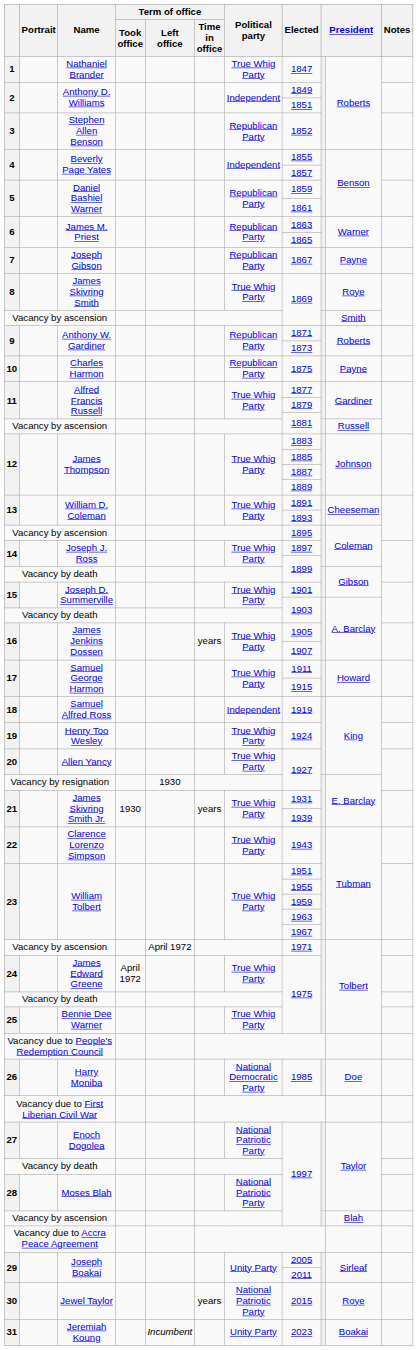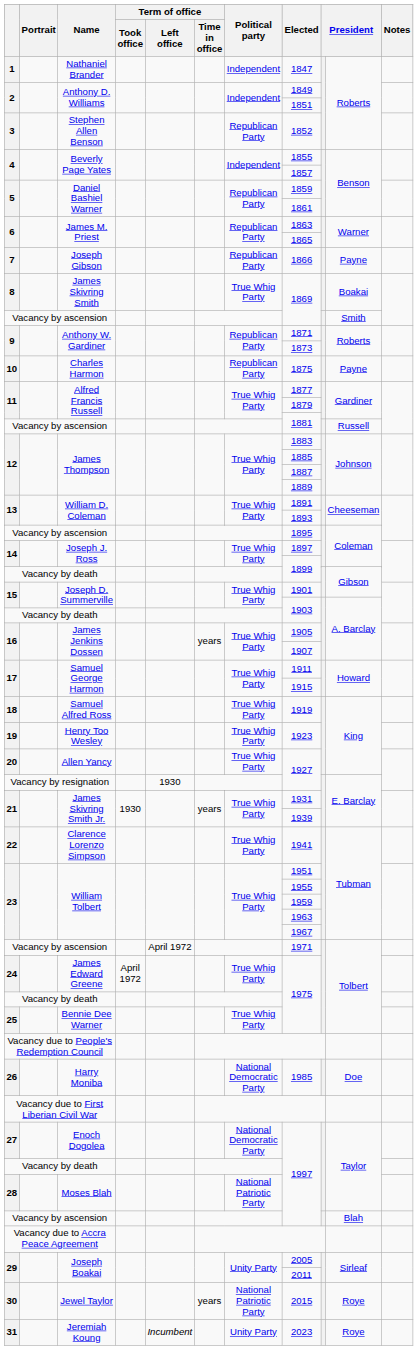 <table class="wikitable" style="text-align:center">
 <tr style="background:#B5B5B5">
 <th rowspan="2"></th>
 <th rowspan="2">Portrait</th>
 <th rowspan="2">Name<br></th>
 <th colspan="3">Term of office</th>
 <th rowspan="2">Political party</th>
 <th rowspan="2">Elected</th>
 <th colspan="2" rowspan="2"><a href='#'>President</a></th>
 <th rowspan="2">Notes</th>
 </tr>
 <tr>
 <th>Took office</th>
 <th>Left office</th>
 <th>Time in office</th>
 </tr>
 <tr>
 <th style="background:">1</th>
 <td></td>
 <td><a href='#'>Nathaniel Brander</a><br></td>
 <td></td>
 <td></td>
 <td></td>
-<td><a href='#'>True Whig Party</a></td>
+<td><a href='#'>Independent</a></td>
 <td><a href='#'>1847</a></td>
 <th rowspan="4" style="background:"></th>
 <td rowspan="4"><a href='#'>Roberts</a></td>
 <td></td>
 </tr>
 <tr>
 <th rowspan="2" style="background:">2</th>
 <td rowspan="2"></td>
 <td rowspan="2"><a href='#'>Anthony D. Williams</a><br></td>
 <td rowspan="2"></td>
 <td rowspan="2"></td>
 <td rowspan="2"></td>
 <td rowspan="2"><a href='#'>Independent</a></td>
 <td><a href='#'>1849</a></td>
 <td rowspan="2"></td>
 </tr>
 <tr>
 <td><a href='#'>1851</a></td>
 </tr>
 <tr>
 <th style="background:">3</th>
 <td></td>
 <td><a href='#'>Stephen Allen Benson</a><br></td>
 <td></td>
 <td></td>
 <td></td>
 <td><a href='#'>Republican Party</a></td>
 <td><a href='#'>1852</a></td>
 <td></td>
 </tr>
 <tr>
 <th rowspan="2" style="background:">4</th>
 <td rowspan="2"></td>
 <td rowspan="2"><a href='#'>Beverly Page Yates</a><br></td>
 <td rowspan="2"></td>
 <td rowspan="2"></td>
 <td rowspan="2"></td>
 <td rowspan="2"><a href='#'>Independent</a></td>
 <td><a href='#'>1855</a></td>
 <th rowspan="4" style="background:"></th>
 <td rowspan="4"><a href='#'>Benson</a></td>
 <td rowspan="2"></td>
 </tr>
 <tr>
 <td><a href='#'>1857</a></td>
 </tr>
 <tr>
 <th rowspan="2" style="background:">5</th>
 <td rowspan="2"></td>
 <td rowspan="2"><a href='#'>Daniel Bashiel Warner</a><br></td>
 <td rowspan="2"></td>
 <td rowspan="2"></td>
 <td rowspan="2"></td>
 <td rowspan="2"><a href='#'>Republican Party</a></td>
 <td><a href='#'>1859</a></td>
 <td rowspan="2"></td>
 </tr>
 <tr>
 <td><a href='#'>1861</a></td>
 </tr>
 <tr>
 <th rowspan="2" style="background:">6</th>
 <td rowspan="2"></td>
 <td rowspan="2"><a href='#'>James M. Priest</a><br></td>
 <td rowspan="2"></td>
 <td rowspan="2"></td>
 <td rowspan="2"></td>
 <td rowspan="2"><a href='#'>Republican Party</a></td>
 <td><a href='#'>1863</a></td>
 <th rowspan="2" style="background:"></th>
 <td rowspan="2"><a href='#'>Warner</a></td>
 <td rowspan="2"></td>
 </tr>
 <tr>
 <td><a href='#'>1865</a></td>
 </tr>
 <tr>
 <th style="background:">7</th>
 <td></td>
 <td><a href='#'>Joseph Gibson</a><br></td>
 <td></td>
 <td></td>
 <td></td>
 <td><a href='#'>Republican Party</a></td>
-<td><a href='#'>1867</a></td>
+<td><a href='#'>1866</a></td>
 <th style="background:"></th>
 <td><a href='#'>Payne</a></td>
 <td></td>
 </tr>
 <tr>
 <th style="background:">8</th>
 <td></td>
 <td><a href='#'>James Skivring Smith</a><br></td>
 <td></td>
 <td><br></td>
 <td></td>
 <td><a href='#'>True Whig Party</a></td>
 <td rowspan="2"><a href='#'>1869</a></td>
 <th style="background:"></th>
-<td><a href='#'>Roye</a></td>
+<td><a href='#'>Boakai</a></td>
 <td rowspan="2"></td>
 </tr>
 <tr>
 <td colspan="3">Vacancy by ascension</td>
 <td></td>
 <td></td>
 <td colspan="2"></td>
 <th style="background:"></th>
 <td><a href='#'>Smith</a></td>
 </tr>
 <tr>
 <th rowspan="2" style="background:">9</th>
 <td rowspan="2"></td>
 <td rowspan="2"><a href='#'>Anthony W. Gardiner</a><br></td>
 <td rowspan="2"></td>
 <td rowspan="2"></td>
 <td rowspan="2"></td>
 <td rowspan="2"><a href='#'>Republican Party</a></td>
 <td><a href='#'>1871</a></td>
 <th rowspan="2" style="background:"></th>
 <td rowspan="2"><a href='#'>Roberts</a></td>
 <td rowspan="2"></td>
 </tr>
 <tr>
 <td><a href='#'>1873</a></td>
 </tr>
 <tr>
 <th style="background:">10</th>
 <td></td>
 <td><a href='#'>Charles Harmon</a><br></td>
 <td></td>
 <td></td>
 <td></td>
 <td><a href='#'>Republican Party</a></td>
 <td><a href='#'>1875</a></td>
 <th style="background:"></th>
 <td><a href='#'>Payne</a></td>
 <td></td>
 </tr>
 <tr>
 <th rowspan="3" style="background:">11</th>
 <td rowspan="3"></td>
 <td rowspan="3"><a href='#'>Alfred Francis Russell</a><br></td>
 <td rowspan="3"></td>
 <td rowspan="3"><br></td>
 <td rowspan="3"></td>
 <td rowspan="3"><a href='#'>True Whig Party</a></td>
 <td><a href='#'>1877</a></td>
 <th rowspan="3" style="background:"></th>
 <td rowspan="3"><a href='#'>Gardiner</a></td>
 <td rowspan="4"></td>
 </tr>
 <tr>
 <td><a href='#'>1879</a></td>
 </tr>
 <tr>
 <td rowspan="2"><a href='#'>1881</a></td>
 </tr>
 <tr>
 <td colspan="3">Vacancy by ascension</td>
 <td></td>
 <td></td>
 <td colspan="2"></td>
 <th style="background:"></th>
 <td><a href='#'>Russell</a></td>
 </tr>
 <tr>
 <th rowspan="4" style="background:">12</th>
 <td rowspan="4"></td>
 <td rowspan="4"><a href='#'>James Thompson</a><br></td>
 <td rowspan="4"></td>
 <td rowspan="4"></td>
 <td rowspan="4"></td>
 <td rowspan="4"><a href='#'>True Whig Party</a></td>
 <td><a href='#'>1883</a></td>
 <th rowspan="4" style="background:"></th>
 <td rowspan="4"><a href='#'>Johnson</a></td>
 <td rowspan="4"></td>
 </tr>
 <tr>
 <td><a href='#'>1885</a></td>
 </tr>
 <tr>
 <td><a href='#'>1887</a></td>
 </tr>
 <tr>
 <td><a href='#'>1889</a></td>
 </tr>
 <tr>
 <th rowspan="3" style="background:">13</th>
 <td rowspan="3"></td>
 <td rowspan="3"><a href='#'>William D. Coleman</a><br></td>
 <td rowspan="3"></td>
 <td rowspan="3"><br></td>
 <td rowspan="3"></td>
 <td rowspan="3"><a href='#'>True Whig Party</a></td>
 <td><a href='#'>1891</a></td>
 <th rowspan="3" style="background:"></th>
 <td rowspan="3"><a href='#'>Cheeseman</a></td>
 <td rowspan="4"></td>
 </tr>
 <tr>
 <td><a href='#'>1893</a></td>
 </tr>
 <tr>
 <td rowspan="2"><a href='#'>1895</a></td>
 </tr>
 <tr>
 <td colspan="3">Vacancy by ascension</td>
 <td></td>
 <td></td>
 <td colspan="2"></td>
 <th rowspan="4" style="background:"></th>
 <td rowspan="4"><a href='#'>Coleman</a></td>
 </tr>
 <tr>
 <th rowspan="2" style="background:">14</th>
 <td rowspan="2"></td>
 <td rowspan="2"><a href='#'>Joseph J. Ross</a><br></td>
 <td rowspan="2"></td>
 <td rowspan="2"></td>
 <td rowspan="2"></td>
 <td rowspan="2"><a href='#'>True Whig Party</a></td>
 <td><a href='#'>1897</a></td>
 <td rowspan="4"></td>
 </tr>
 <tr>
 <td rowspan="3"><a href='#'>1899</a></td>
 </tr>
 <tr>
 <td rowspan="2" colspan="3">Vacancy by death</td>
 <td rowspan="2"></td>
 <td rowspan="2"></td>
 <td rowspan="2" colspan="2"></td>
 </tr>
 <tr>
 <th rowspan="2" style="background:"></th>
 <td rowspan="2"><a href='#'>Gibson</a></td>
 </tr>
 <tr>
 <th rowspan="2" style="background:">15</th>
 <td rowspan="2"></td>
 <td rowspan="2"><a href='#'>Joseph D. Summerville</a><br></td>
 <td rowspan="2"></td>
 <td rowspan="2"></td>
 <td rowspan="2"></td>
 <td rowspan="2"><a href='#'>True Whig Party</a></td>
 <td><a href='#'>1901</a></td>
 <td rowspan="3"></td>
 </tr>
 <tr>
 <td rowspan="2"><a href='#'>1903</a></td>
 <th rowspan="4" style="background:"></th>
 <td rowspan="4"><a href='#'>A. Barclay</a></td>
 </tr>
 <tr>
 <td colspan="3">Vacancy by death</td>
 <td></td>
 <td></td>
 <td colspan="2"></td>
 </tr>
 <tr>
 <th rowspan="2" style="background:">16</th>
 <td rowspan="2"></td>
 <td rowspan="2"><a href='#'>James Jenkins Dossen</a><br></td>
 <td rowspan="2"></td>
 <td rowspan="2"></td>
 <td rowspan="2"> years</td>
 <td rowspan="2"><a href='#'>True Whig Party</a></td>
 <td><a href='#'>1905</a></td>
 <td rowspan="2"></td>
 </tr>
 <tr>
 <td><a href='#'>1907</a></td>
 </tr>
 <tr>
 <th rowspan="2" style="background:">17</th>
 <td rowspan="2"></td>
 <td rowspan="2"><a href='#'>Samuel George Harmon</a><br></td>
 <td rowspan="2"></td>
 <td rowspan="2"></td>
 <td rowspan="2"></td>
 <td rowspan="2"><a href='#'>True Whig Party</a></td>
 <td><a href='#'>1911</a></td>
 <th rowspan="2" style="background:"></th>
 <td rowspan="2"><a href='#'>Howard</a></td>
 <td rowspan="2"></td>
 </tr>
 <tr>
 <td><a href='#'>1915</a></td>
 </tr>
 <tr>
 <th style="background:">18</th>
 <td></td>
 <td><a href='#'>Samuel Alfred Ross</a><br></td>
 <td></td>
 <td></td>
 <td></td>
-<td><a href='#'>Independent</a></td>
+<td><a href='#'>True Whig Party</a></td>
 <td><a href='#'>1919</a></td>
 <th rowspan="3" style="background:"></th>
 <td rowspan="3"><a href='#'>King</a></td>
 <td></td>
 </tr>
 <tr>
 <th style="background:">19</th>
 <td></td>
 <td><a href='#'>Henry Too Wesley</a><br></td>
 <td></td>
 <td></td>
 <td></td>
 <td><a href='#'>True Whig Party</a></td>
-<td><a href='#'>1924</a></td>
+<td><a href='#'>1923</a></td>
 <td></td>
 </tr>
 <tr>
 <th style="background:">20</th>
 <td></td>
 <td><a href='#'>Allen Yancy</a><br></td>
 <td></td>
 <td><br></td>
 <td></td>
 <td><a href='#'>True Whig Party</a></td>
 <td rowspan="3"><a href='#'>1927</a></td>
 <td rowspan="2"></td>
 </tr>
 <tr>
 <td colspan="3">Vacancy by resignation</td>
 <td></td>
 <td>1930</td>
 <td colspan="2"></td>
 <th rowspan="4" style="background:"></th>
 <td rowspan="4"><a href='#'>E. Barclay</a></td>
 </tr>
 <tr>
 <th rowspan="3" style="background:">21</th>
 <td rowspan="3"></td>
 <td rowspan="3"><a href='#'>James Skivring Smith Jr.</a><br></td>
 <td rowspan="3">1930</td>
 <td rowspan="3"></td>
 <td rowspan="3"> years</td>
 <td rowspan="3"><a href='#'>True Whig Party</a></td>
 <td rowspan="3"></td>
 </tr>
 <tr>
 <td><a href='#'>1931</a></td>
 </tr>
 <tr>
 <td><a href='#'>1939</a></td>
 </tr>
 <tr>
 <th style="background:">22</th>
 <td></td>
 <td><a href='#'>Clarence Lorenzo Simpson</a><br></td>
 <td></td>
 <td></td>
 <td></td>
 <td><a href='#'>True Whig Party</a></td>
-<td><a href='#'>1943</a></td>
+<td><a href='#'>1941</a></td>
 <th rowspan="6" style="background:"></th>
 <td rowspan="6"><a href='#'>Tubman</a></td>
 <td></td>
 </tr>
 <tr>
 <th rowspan="5" style="background:">23</th>
 <td rowspan="5"></td>
 <td rowspan="5"><a href='#'>William Tolbert</a><br></td>
 <td rowspan="5"></td>
 <td rowspan="5"><br></td>
 <td rowspan="5"></td>
 <td rowspan="5"><a href='#'>True Whig Party</a></td>
 <td><a href='#'>1951</a></td>
 <td rowspan="5"></td>
 </tr>
 <tr>
 <td><a href='#'>1955</a></td>
 </tr>
 <tr>
 <td><a href='#'>1959</a></td>
 </tr>
 <tr>
 <td><a href='#'>1963</a></td>
 </tr>
 <tr>
 <td><a href='#'>1967</a></td>
 </tr>
 <tr>
 <td colspan="3">Vacancy by ascension</td>
 <td></td>
 <td>April 1972</td>
 <td colspan="2"></td>
 <td rowspan="2"><a href='#'>1971</a></td>
 <th rowspan="5" style="background:"></th>
 <td rowspan="5"><a href='#'>Tolbert</a></td>
 <td></td>
 </tr>
 <tr>
 <th rowspan="2" style="background:">24</th>
 <td rowspan="2"></td>
 <td rowspan="2"><a href='#'>James Edward Greene</a><br></td>
 <td rowspan="2">April 1972</td>
 <td rowspan="2"></td>
 <td rowspan="2"></td>
 <td rowspan="2"><a href='#'>True Whig Party</a></td>
 <td rowspan="2"></td>
 </tr>
 <tr>
 <td rowspan="3"><a href='#'>1975</a></td>
 </tr>
 <tr>
 <td colspan="3">Vacancy by death</td>
 <td></td>
 <td></td>
 <td colspan="2"></td>
 </tr>
 <tr>
 <th style="background:">25</th>
 <td></td>
 <td><a href='#'>Bennie Dee Warner</a><br></td>
 <td></td>
 <td><br></td>
 <td></td>
 <td><a href='#'>True Whig Party</a></td>
 <td></td>
 </tr>
 <tr>
 <td colspan="3">Vacancy due to <a href='#'>People's Redemption Council</a></td>
 <td></td>
 <td></td>
 <td colspan="4"></td>
 <td></td>
 </tr>
 <tr>
 <th style="background:">26</th>
 <td></td>
 <td><a href='#'>Harry Moniba</a><br></td>
 <td></td>
 <td><br></td>
 <td></td>
 <td><a href='#'>National Democratic Party</a></td>
 <td><a href='#'>1985</a></td>
 <th style="background:"></th>
 <td><a href='#'>Doe</a></td>
 <td></td>
 </tr>
 <tr>
 <td colspan="3">Vacancy due to <a href='#'>First Liberian Civil War</a></td>
 <td></td>
 <td></td>
 <td colspan="4"></td>
 <td></td>
 </tr>
 <tr>
 <th style="background:">27</th>
 <td></td>
 <td><a href='#'>Enoch Dogolea</a><br></td>
 <td></td>
 <td></td>
 <td></td>
-<td><a href='#'>National Patriotic Party</a></td>
+<td><a href='#'>National Democratic Party</a></td>
 <td rowspan="4"><a href='#'>1997</a></td>
 <th rowspan="3" style="background:"></th>
 <td rowspan="3"><a href='#'>Taylor</a></td>
 <td></td>
 </tr>
 <tr>
 <td colspan="3">Vacancy by death</td>
 <td></td>
 <td></td>
 <td colspan="2"></td>
 </tr>
 <tr>
 <th style="background:">28</th>
 <td></td>
 <td><a href='#'>Moses Blah</a><br></td>
 <td></td>
 <td></td>
 <td></td>
 <td><a href='#'>National Patriotic Party</a></td>
 <td></td>
 </tr>
 <tr>
 <td colspan="3">Vacancy by ascension</td>
 <td></td>
 <td></td>
 <td colspan="2"></td>
 <th style="background:"></th>
 <td><a href='#'>Blah</a></td>
 <td></td>
 </tr>
 <tr>
 <td colspan="3">Vacancy due to <a href='#'>Accra Peace Agreement</a></td>
 <td></td>
 <td></td>
 <td colspan="4"></td>
 <td></td>
 </tr>
 <tr>
 <th rowspan="2" style="background:">29</th>
 <td rowspan="2"></td>
 <td rowspan="2"><a href='#'>Joseph Boakai</a><br></td>
 <td rowspan="2"></td>
 <td rowspan="2"></td>
 <td rowspan="2"></td>
 <td rowspan="2"><a href='#'>Unity Party</a></td>
 <td><a href='#'>2005</a></td>
 <th rowspan="2" style="background:"></th>
 <td rowspan="2"><a href='#'>Sirleaf</a></td>
 <td rowspan="2"></td>
 </tr>
 <tr>
 <td><a href='#'>2011</a></td>
 </tr>
 <tr>
 <th style="background:">30</th>
 <td></td>
 <td><a href='#'>Jewel Taylor</a><br></td>
 <td></td>
 <td></td>
 <td> years</td>
 <td><a href='#'>National Patriotic Party</a></td>
 <td><a href='#'>2015</a></td>
 <th style="background:"></th>
 <td><a href='#'>Roye</a></td>
 <td></td>
 </tr>
 <tr>
 <th style="background:">31</th>
 <td></td>
 <td><a href='#'>Jeremiah Koung</a><br></td>
 <td></td>
 <td><em>Incumbent</em></td>
 <td></td>
 <td><a href='#'>Unity Party</a></td>
 <td><a href='#'>2023</a></td>
 <th style="background:"></th>
-<td><a href='#'>Boakai</a></td>
+<td><a href='#'>Roye</a></td>
 <td></td>
 </tr>
 </table>
